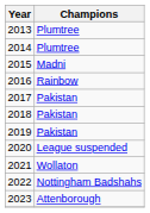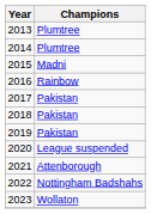 <table class="wikitable" style="font-size:85%">
 <tr>
 <th>Year</th>
 <th>Champions</th>
 </tr>
 <tr>
 <td>2013</td>
 <td><a href='#'>Plumtree</a></td>
 </tr>
 <tr>
 <td>2014</td>
 <td><a href='#'>Plumtree</a></td>
 </tr>
 <tr>
 <td>2015</td>
 <td><a href='#'>Madni</a></td>
 </tr>
 <tr>
 <td>2016</td>
 <td><a href='#'>Rainbow</a></td>
 </tr>
 <tr>
 <td>2017</td>
 <td><a href='#'>Pakistan</a></td>
 </tr>
 <tr>
 <td>2018</td>
 <td><a href='#'>Pakistan</a></td>
 </tr>
 <tr>
 <td>2019</td>
 <td><a href='#'>Pakistan</a></td>
 </tr>
 <tr>
 <td>2020</td>
 <td><a href='#'>League suspended</a></td>
 </tr>
 <tr>
 <td>2021</td>
-<td><a href='#'>Wollaton</a></td>
+<td><a href='#'>Attenborough</a></td>
 </tr>
 <tr>
 <td>2022</td>
 <td><a href='#'>Nottingham Badshahs</a></td>
 </tr>
 <tr>
 <td>2023</td>
-<td><a href='#'>Attenborough</a></td>
+<td><a href='#'>Wollaton</a></td>
 </tr>
 <tr>
 </tr>
 </table>
